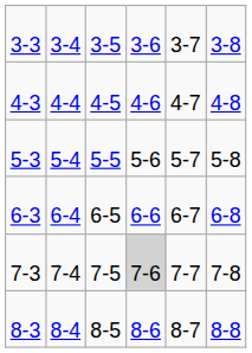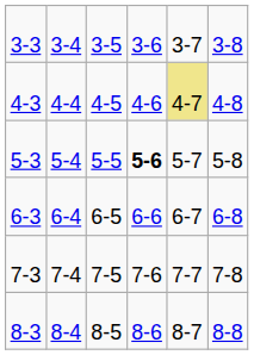 <table class="wikitable">
 <tr align=center>
 <td><br><a href='#'>3-3</a></td>
 <td><br><a href='#'>3-4</a></td>
 <td><br><a href='#'>3-5</a></td>
 <td><br><a href='#'>3-6</a></td>
 <td><br>3-7</td>
 <td><br><a href='#'>3-8</a></td>
 </tr>
 <tr align=center>
 <td><br><a href='#'>4-3</a></td>
 <td><br><a href='#'>4-4</a></td>
 <td><br><a href='#'>4-5</a></td>
 <td><br><a href='#'>4-6</a></td>
-<td><br>4-7</td>
+<td style="background: khaki;"><br>4-7</td>
 <td><br><a href='#'>4-8</a></td>
 </tr>
 <tr align=center>
 <td><br><a href='#'>5-3</a></td>
 <td><br><a href='#'>5-4</a></td>
 <td><br><a href='#'>5-5</a></td>
-<td><br>5-6</td>
+<td><strong><br>5-6</strong></td>
 <td><br>5-7</td>
 <td><br>5-8</td>
 </tr>
 <tr align=center>
 <td><br><a href='#'>6-3</a></td>
 <td><br><a href='#'>6-4</a></td>
 <td><br>6-5</td>
 <td><br><a href='#'>6-6</a></td>
 <td><br>6-7</td>
 <td><br><a href='#'>6-8</a></td>
 </tr>
 <tr align=center>
 <td><br>7-3</td>
 <td><br>7-4</td>
 <td><br>7-5</td>
-<td style="background: lightgrey;"><br>7-6</td>
+<td><br>7-6</td>
 <td><br>7-7</td>
 <td><br>7-8</td>
 </tr>
 <tr align=center>
 <td><br><a href='#'>8-3</a></td>
 <td><br><a href='#'>8-4</a></td>
 <td><br>8-5</td>
 <td><br><a href='#'>8-6</a></td>
 <td><br>8-7</td>
 <td><br><a href='#'>8-8</a></td>
 </tr>
 </table>
